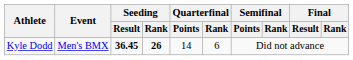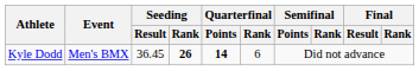 <table class="wikitable" style="font-size:90%;">
 <tr>
 <th rowspan=2>Athlete</th>
 <th rowspan=2>Event</th>
 <th colspan=2>Seeding</th>
 <th colspan=2>Quarterfinal</th>
 <th colspan=2>Semifinal</th>
 <th colspan=2>Final</th>
 </tr>
 <tr style="font-size:95%">
 <th>Result</th>
 <th>Rank</th>
 <th>Points</th>
 <th>Rank</th>
 <th>Points</th>
 <th>Rank</th>
 <th>Result</th>
 <th>Rank</th>
 </tr>
 <tr align=center>
 <td align=left><a href='#'>Kyle Dodd</a></td>
 <td align=left><a href='#'>Men's BMX</a></td>
-<td><strong>36.45</strong></td>
+<td>36.45</td>
 <td><strong>26</strong></td>
-<td>14</td>
+<td><strong>14</strong></td>
 <td>6</td>
 <td colspan=4>Did not advance</td>
 </tr>
 </table>
